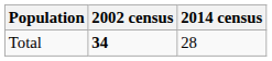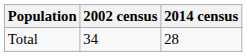 <table class="wikitable">
 <tr>
 <th>Population</th>
 <th>2002 census</th>
 <th>2014 census</th>
 </tr>
 <tr>
 <td>Total</td>
-<td><strong>34</strong></td>
+<td>34</td>
 <td>28</td>
 </tr>
 </table>
